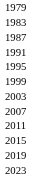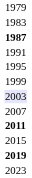 <table>
 <tr style="vertical-align:top;">
 <td>1979<br></td>
 <td> </td>
 <td> </td>
 <td> </td>
 </tr>
 <tr style="vertical-align:top;">
 <td>1983<br></td>
 <td> </td>
 <td> </td>
 <td> </td>
 </tr>
 <tr style="vertical-align:top;">
-<td>1987<br></td>
+<td><strong>1987<br></strong></td>
 <td> </td>
 <td> </td>
 <td> </td>
 </tr>
 <tr style="vertical-align:top;">
 <td>1991<br></td>
 <td> </td>
 <td> </td>
 <td> </td>
 </tr>
 <tr style="vertical-align:top;">
 <td>1995<br></td>
 <td> </td>
 <td> </td>
 <td> </td>
 </tr>
 <tr style="vertical-align:top;">
 <td>1999<br></td>
 <td> </td>
 <td> </td>
 <td> </td>
 </tr>
 <tr style="vertical-align:top;">
-<td>2003<br></td>
+<td style="background: lavender;">2003<br></td>
 <td> </td>
 <td> </td>
 <td> </td>
 </tr>
 <tr style="vertical-align:top;">
 <td>2007<br></td>
 <td> </td>
 <td> </td>
 <td> </td>
 </tr>
 <tr style="vertical-align:top;">
-<td>2011<br></td>
+<td><strong>2011<br></strong></td>
 <td> </td>
 <td> </td>
 <td> </td>
 </tr>
 <tr style="vertical-align:top;">
 <td>2015<br></td>
 <td> </td>
 <td> </td>
 <td> </td>
 </tr>
 <tr style="vertical-align:top;">
-<td>2019<br></td>
+<td><strong>2019<br></strong></td>
 <td> </td>
 <td> </td>
 <td> </td>
 </tr>
 <tr style="vertical-align:top;">
 <td>2023<br></td>
 <td> </td>
 <td> </td>
 <td> </td>
 </tr>
 </table>
